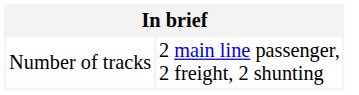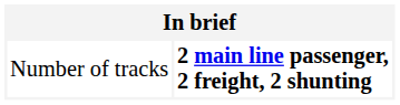 <table border="0" cellpadding="2" cellspacing="2" align="left" style="margin-right:1em; background:#f3f3f3;">
 <tr>
 <th colspan="2">In brief</th>
 </tr>
 <tr bgcolor="#FFFFFF">
 <td>Number of tracks</td>
-<td>2 <a href='#'>main line</a> passenger,<br>2 freight, 2 shunting<br></td>
+<td><strong>2 <a href='#'>main line</a> passenger,<br>2 freight, 2 shunting<br></strong></td>
 </tr>
 </table>
